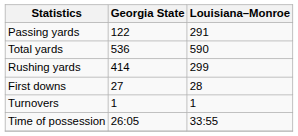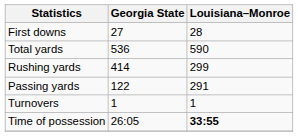 <table class="wikitable" style="float: right;">
 <tr>
 <th>Statistics</th>
 <th>Georgia State</th>
 <th>Louisiana–Monroe</th>
 </tr>
 <tr>
-<td>Passing yards</td>
-<td>122</td>
-<td>291</td>
+<td>First downs</td>
+<td>27</td>
+<td>28</td>
 </tr>
 <tr>
 <td>Total yards</td>
 <td>536</td>
 <td>590</td>
 </tr>
 <tr>
 <td>Rushing yards</td>
 <td>414</td>
 <td>299</td>
 </tr>
 <tr>
-<td>First downs</td>
-<td>27</td>
-<td>28</td>
+<td>Passing yards</td>
+<td>122</td>
+<td>291</td>
 </tr>
 <tr>
 <td>Turnovers</td>
 <td>1</td>
 <td>1</td>
 </tr>
 <tr>
 <td>Time of possession</td>
 <td>26:05</td>
-<td>33:55</td>
+<td><strong>33:55</strong></td>
 </tr>
 <tr>
 </tr>
 </table>
